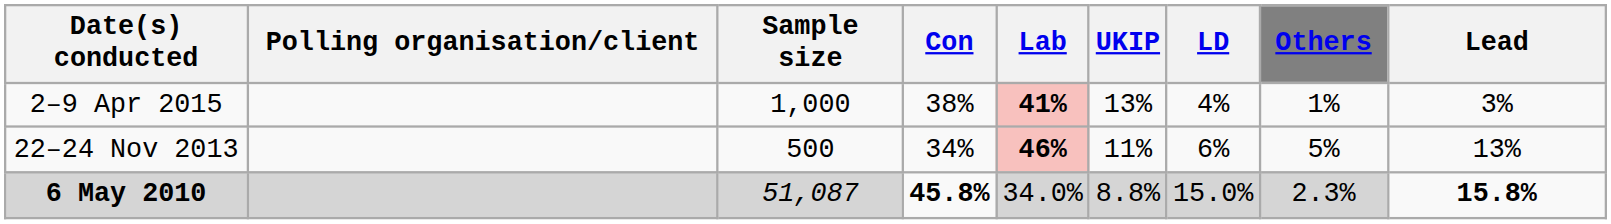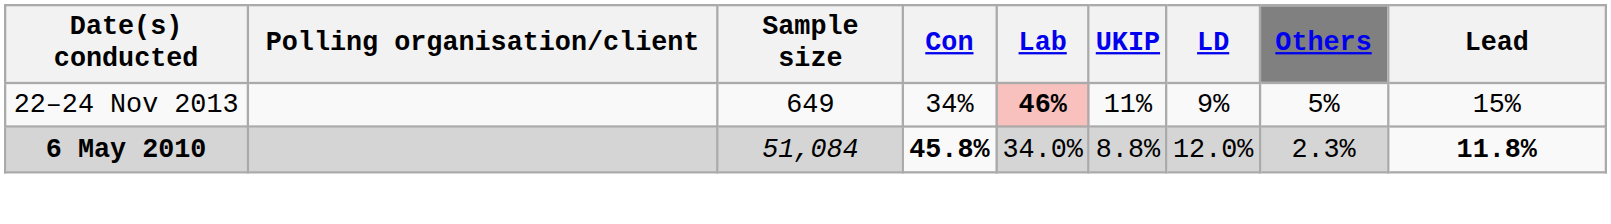 <table class="wikitable sortable" style="text-align:center;font-size:90%;line-height:14px">
 <tr>
 <th ! style="width:100px;">Date(s)<br>conducted</th>
 <th style="width:200px;">Polling organisation/client</th>
 <th class="unsortable" style="width:75px;">Sample size</th>
 <th class="unsortable" style="background:"><a href='#'><span>Con</span></a></th>
 <th class="unsortable" style="background:"><a href='#'><span>Lab</span></a></th>
 <th class="unsortable" style="background:"><a href='#'><span>UKIP</span></a></th>
 <th class="unsortable" style="background:"><a href='#'><span>LD</span></a></th>
 <th class="unsortable" style="background:gray; width:50px;"><a href='#'><span>Others</span></a></th>
 <th class="unsortable" style="width:90px;">Lead</th>
 </tr>
 <tr>
-<td>2–9 Apr 2015</td>
-<td></td>
-<td>1,000</td>
-<td>38%</td>
-<td style="background:#F8C1BE"><strong>41%</strong></td>
-<td>13%</td>
-<td>4%</td>
-<td>1%</td>
-<td style="background:">3%</td>
-</tr>
-<tr>
 <td>22–24 Nov 2013</td>
 <td></td>
-<td>500</td>
+<td>649</td>
 <td>34%</td>
 <td style="background:#F8C1BE"><strong>46%</strong></td>
 <td>11%</td>
-<td>6%</td>
+<td>9%</td>
 <td>5%</td>
-<td style="background:">13%</td>
+<td style="background:">15%</td>
 </tr>
 <tr>
 <td style="background:#D5D5D5"><strong>6 May 2010</strong></td>
 <td style="background:#D5D5D5"></td>
-<td style="background:#D5D5D5"><em>51,087</em></td>
+<td style="background:#D5D5D5"><em>51,084</em></td>
 <td style="background:"><strong>45.8%</strong></td>
 <td style="background:#D5D5D5">34.0%</td>
 <td style="background:#D5D5D5">8.8%</td>
-<td style="background:#D5D5D5">15.0%</td>
+<td style="background:#D5D5D5">12.0%</td>
 <td style="background:#D5D5D5">2.3%</td>
-<td style="background:"><strong>15.8% </strong></td>
+<td style="background:"><strong>11.8% </strong></td>
 </tr>
 </table>
